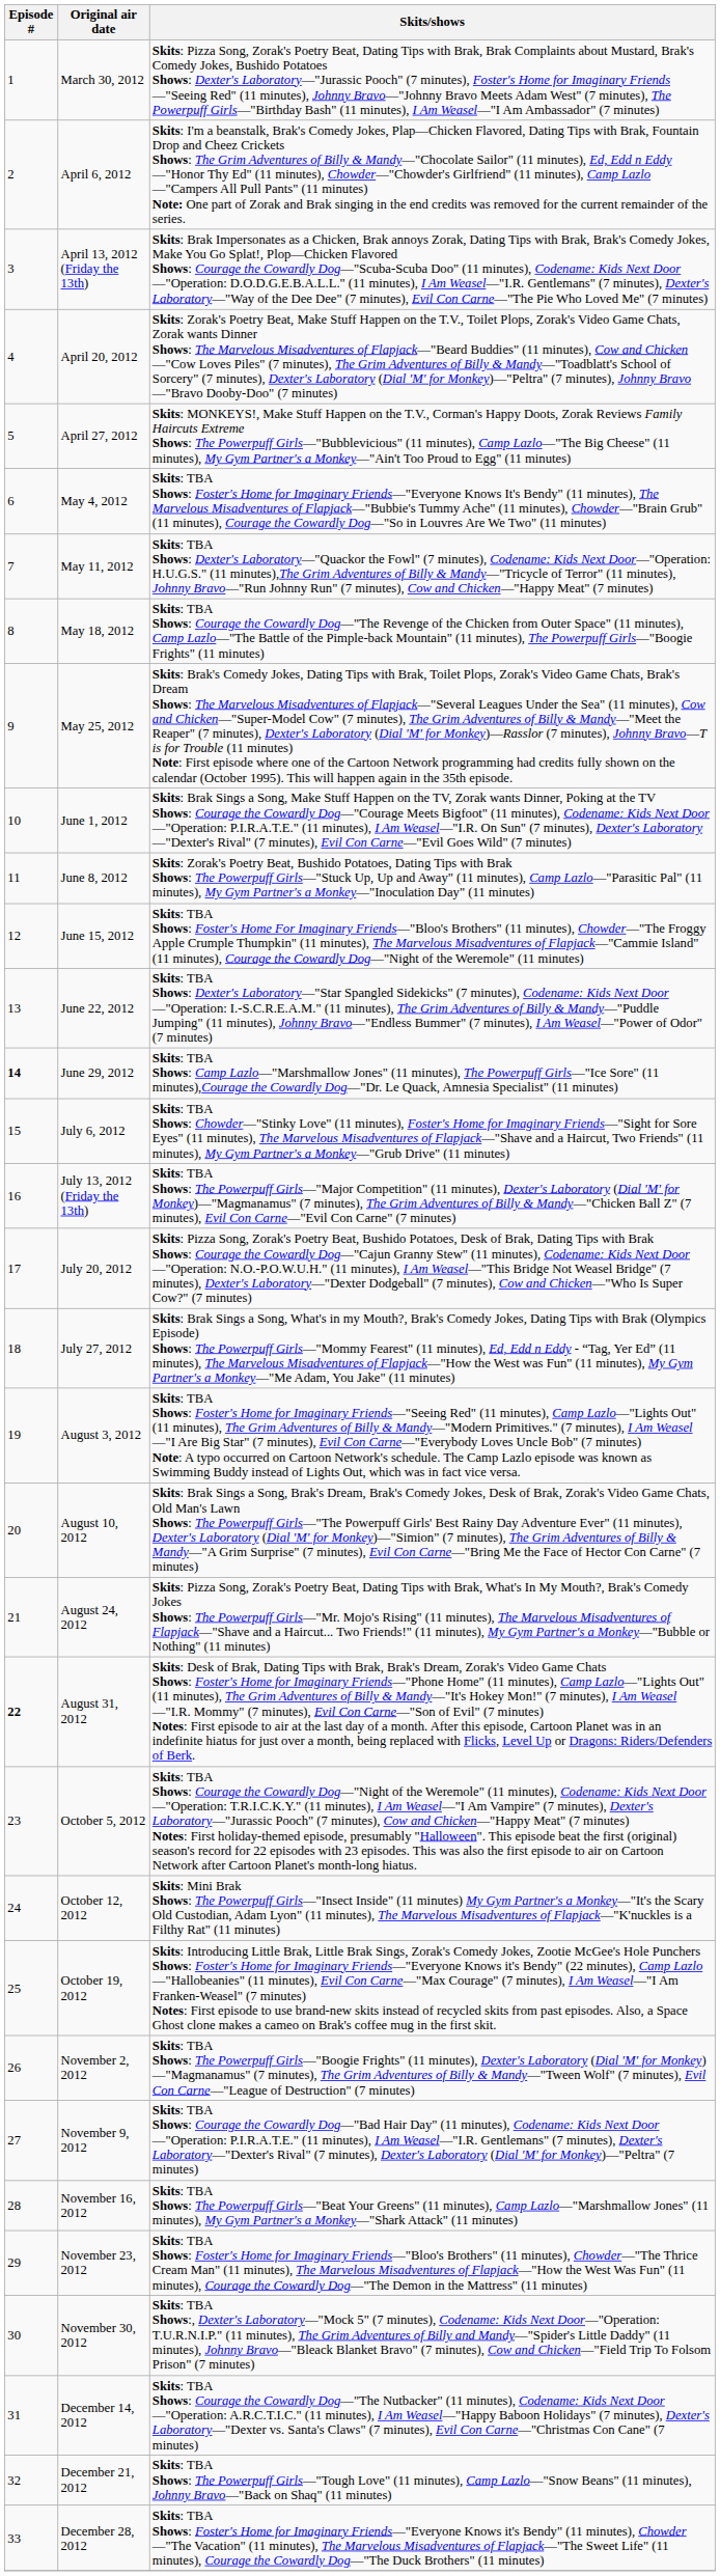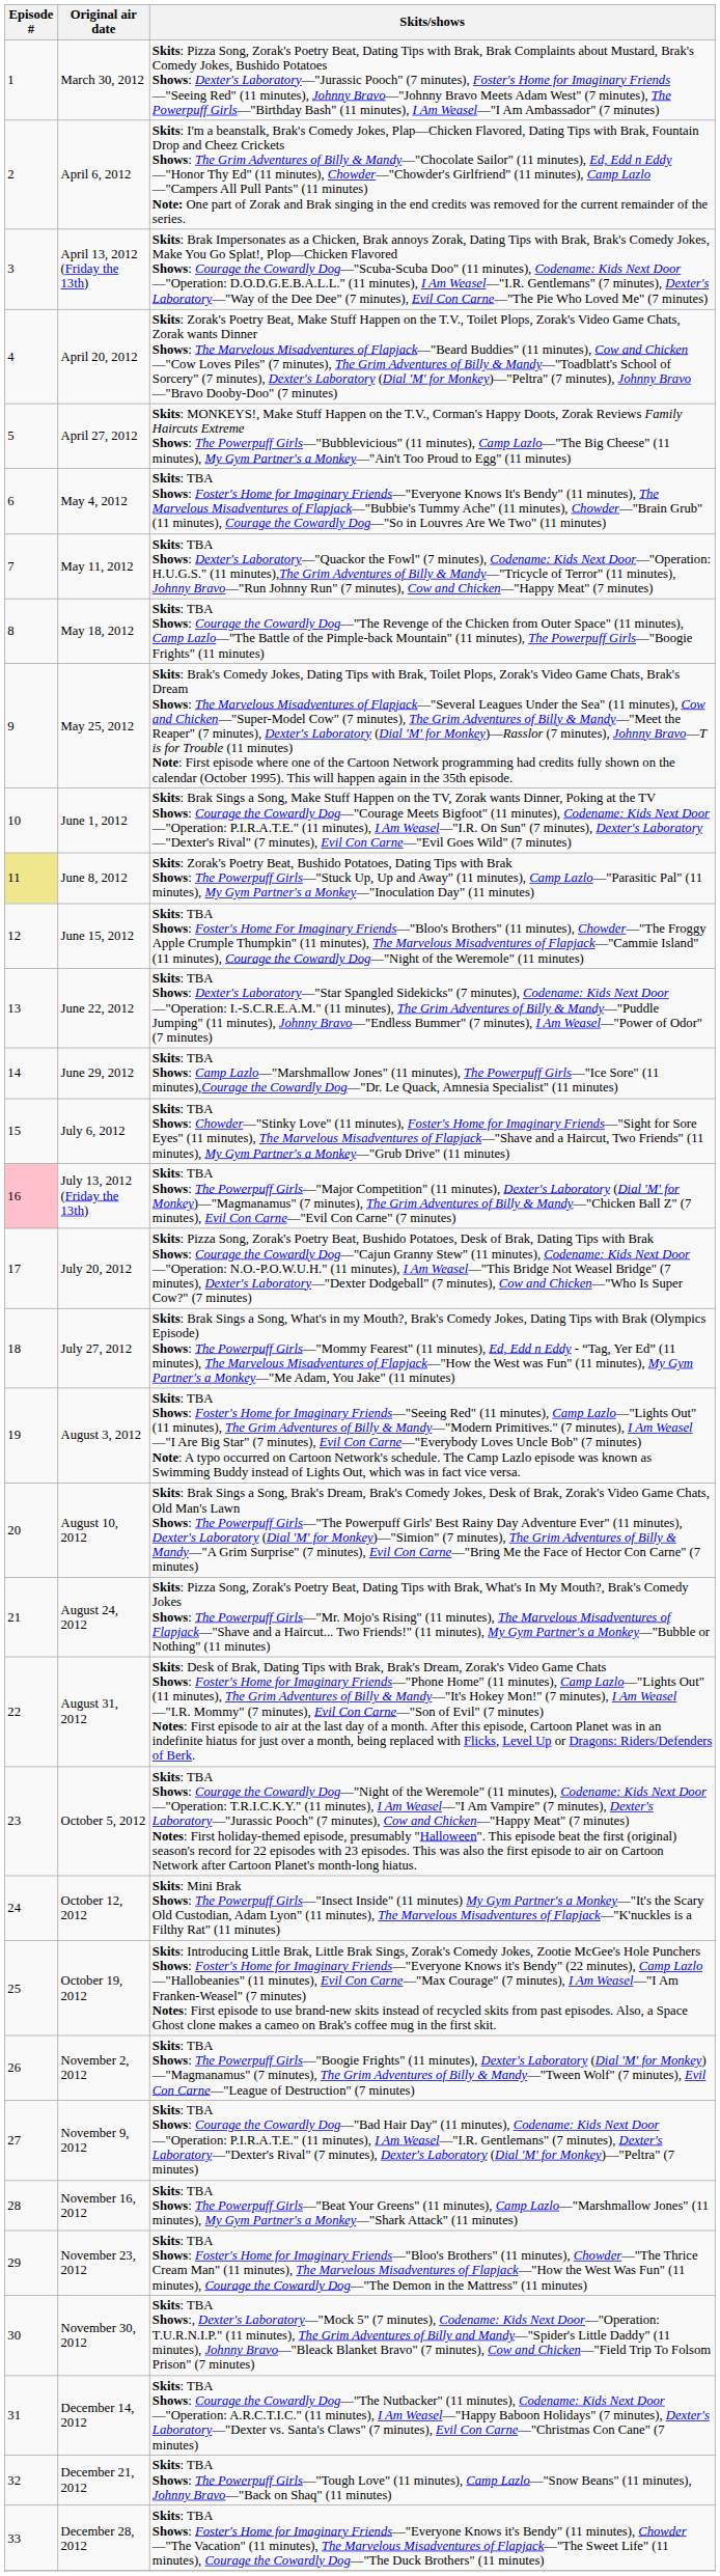 <table class="wikitable">
 <tr>
 <th>Episode #</th>
 <th>Original air date</th>
 <th>Skits/shows</th>
 </tr>
 <tr>
 <td>1</td>
 <td>March 30, 2012</td>
 <td><strong>Skits</strong>: Pizza Song, Zorak's Poetry Beat, Dating Tips with Brak, Brak Complaints about Mustard, Brak's Comedy Jokes, Bushido Potatoes<br><strong>Shows</strong>: <em><a href='#'>Dexter's Laboratory</a></em>—"Jurassic Pooch" (7 minutes), <em><a href='#'>Foster's Home for Imaginary Friends</a></em>—"Seeing Red" (11 minutes), <em><a href='#'>Johnny Bravo</a></em>—"Johnny Bravo Meets Adam West" (7 minutes), <em><a href='#'>The Powerpuff Girls</a></em>—"Birthday Bash" (11 minutes), <em><a href='#'>I Am Weasel</a></em>—"I Am Ambassador" (7 minutes)</td>
 </tr>
 <tr>
 <td>2</td>
 <td>April 6, 2012</td>
 <td><strong>Skits</strong>: I'm a beanstalk, Brak's Comedy Jokes, Plap—Chicken Flavored, Dating Tips with Brak, Fountain Drop and Cheez Crickets<br><strong>Shows</strong>: <em><a href='#'>The Grim Adventures of Billy & Mandy</a></em>—"Chocolate Sailor" (11 minutes), <em><a href='#'>Ed, Edd n Eddy</a></em>—"Honor Thy Ed" (11 minutes), <em><a href='#'>Chowder</a></em>—"Chowder's Girlfriend" (11 minutes), <em><a href='#'>Camp Lazlo</a></em>—"Campers All Pull Pants" (11 minutes)<br><strong>Note:</strong> One part of Zorak and Brak singing in the end credits was removed for the current remainder of the series.</td>
 </tr>
 <tr>
 <td>3</td>
 <td>April 13, 2012 (<a href='#'>Friday the 13th</a>)</td>
 <td><strong>Skits</strong>: Brak Impersonates as a Chicken, Brak annoys Zorak, Dating Tips with Brak, Brak's Comedy Jokes, Make You Go Splat!, Plop—Chicken Flavored<br><strong>Shows</strong>: <em><a href='#'>Courage the Cowardly Dog</a></em>—"Scuba-Scuba Doo" (11 minutes), <em><a href='#'>Codename: Kids Next Door</a></em>—"Operation: D.O.D.G.E.B.A.L.L." (11 minutes), <em><a href='#'>I Am Weasel</a></em>—"I.R. Gentlemans" (7 minutes), <em><a href='#'>Dexter's Laboratory</a></em>—"Way of the Dee Dee" (7 minutes), <em><a href='#'>Evil Con Carne</a></em>—"The Pie Who Loved Me" (7 minutes)</td>
 </tr>
 <tr>
 <td>4</td>
 <td>April 20, 2012</td>
 <td><strong>Skits</strong>: Zorak's Poetry Beat, Make Stuff Happen on the T.V., Toilet Plops, Zorak's Video Game Chats, Zorak wants Dinner<br><strong>Shows</strong>: <em><a href='#'>The Marvelous Misadventures of Flapjack</a></em>—"Beard Buddies" (11 minutes), <em><a href='#'>Cow and Chicken</a></em>—"Cow Loves Piles" (7 minutes), <em><a href='#'>The Grim Adventures of Billy & Mandy</a></em>—"Toadblatt's School of Sorcery" (7 minutes), <em><a href='#'>Dexter's Laboratory</a></em> (<em><a href='#'>Dial 'M' for Monkey</a></em>)—"Peltra" (7 minutes), <em><a href='#'>Johnny Bravo</a></em>—"Bravo Dooby-Doo" (7 minutes)</td>
 </tr>
 <tr>
 <td>5</td>
 <td>April 27, 2012</td>
 <td><strong>Skits</strong>: MONKEYS!, Make Stuff Happen on the T.V., Corman's Happy Doots, Zorak Reviews <em>Family Haircuts Extreme</em><br><strong>Shows</strong>: <em><a href='#'>The Powerpuff Girls</a></em>—"Bubblevicious" (11 minutes), <em><a href='#'>Camp Lazlo</a></em>—"The Big Cheese" (11 minutes),  <em><a href='#'>My Gym Partner's a Monkey</a></em>—"Ain't Too Proud to Egg" (11 minutes)</td>
 </tr>
 <tr>
 <td>6</td>
 <td>May 4, 2012</td>
 <td><strong>Skits</strong>: TBA<br><strong>Shows</strong>: <em><a href='#'>Foster's Home for Imaginary Friends</a></em>—"Everyone Knows It's Bendy" (11 minutes), <em><a href='#'>The Marvelous Misadventures of Flapjack</a></em>—"Bubbie's Tummy Ache" (11 minutes), <em><a href='#'>Chowder</a></em>—"Brain Grub" (11 minutes), <em><a href='#'>Courage the Cowardly Dog</a></em>—"So in Louvres Are We Two" (11 minutes)</td>
 </tr>
 <tr>
 <td>7</td>
 <td>May 11, 2012</td>
 <td><strong>Skits</strong>: TBA<br><strong>Shows</strong>: <em><a href='#'>Dexter's Laboratory</a></em>—"Quackor the Fowl" (7 minutes), <em><a href='#'>Codename: Kids Next Door</a></em>—"Operation: H.U.G.S." (11 minutes),<em><a href='#'>The Grim Adventures of Billy & Mandy</a></em>—"Tricycle of Terror" (11 minutes), <em><a href='#'>Johnny Bravo</a></em>—"Run Johnny Run" (7 minutes), <em><a href='#'>Cow and Chicken</a></em>—"Happy Meat" (7 minutes)</td>
 </tr>
 <tr>
 <td>8</td>
 <td>May 18, 2012</td>
 <td><strong>Skits</strong>: TBA<br><strong>Shows</strong>: <em><a href='#'>Courage the Cowardly Dog</a></em>—"The Revenge of the Chicken from Outer Space" (11 minutes), <em><a href='#'>Camp Lazlo</a></em>—"The Battle of the Pimple-back Mountain" (11 minutes), <em><a href='#'>The Powerpuff Girls</a></em>—"Boogie Frights" (11 minutes)</td>
 </tr>
 <tr>
 <td>9</td>
 <td>May 25, 2012</td>
 <td><strong>Skits</strong>: Brak's Comedy Jokes, Dating Tips with Brak, Toilet Plops, Zorak's Video Game Chats, Brak's Dream<br><strong>Shows</strong>: <em><a href='#'>The Marvelous Misadventures of Flapjack</a></em>—"Several Leagues Under the Sea" (11 minutes), <em><a href='#'>Cow and Chicken</a></em>—"Super-Model Cow" (7 minutes), <em><a href='#'>The Grim Adventures of Billy & Mandy</a></em>—"Meet the Reaper" (7 minutes), <em><a href='#'>Dexter's Laboratory</a></em> (<em><a href='#'>Dial 'M' for Monkey</a></em>)—<em>Rasslor</em> (7 minutes), <em><a href='#'>Johnny Bravo</a></em>—<em>T is for Trouble</em> (11 minutes)<br><strong>Note</strong>: First episode where one of the Cartoon Network programming had credits fully shown on the calendar (October 1995). This will happen again in the 35th episode.</td>
 </tr>
 <tr>
 <td>10</td>
 <td>June 1, 2012</td>
 <td><strong>Skits</strong>: Brak Sings a Song, Make Stuff Happen on the TV, Zorak wants Dinner, Poking at the TV<br><strong>Shows</strong>: <em><a href='#'>Courage the Cowardly Dog</a></em>—"Courage Meets Bigfoot" (11 minutes), <em><a href='#'>Codename: Kids Next Door</a></em>—"Operation:  P.I.R.A.T.E." (11 minutes), <em><a href='#'>I Am Weasel</a></em>—"I.R. On Sun" (7 minutes), <em><a href='#'>Dexter's Laboratory</a></em>—"Dexter's Rival" (7 minutes), <em><a href='#'>Evil Con Carne</a></em>—"Evil Goes Wild" (7 minutes)</td>
 </tr>
 <tr>
-<td>11</td>
+<td style="background: khaki;">11</td>
 <td>June 8, 2012</td>
 <td><strong>Skits</strong>: Zorak's Poetry Beat, Bushido Potatoes, Dating Tips with Brak<br><strong>Shows</strong>: <em><a href='#'>The Powerpuff Girls</a></em>—"Stuck Up, Up and Away" (11 minutes), <em><a href='#'>Camp Lazlo</a></em>—"Parasitic Pal" (11 minutes), <em><a href='#'>My Gym Partner's a Monkey</a></em>—"Inoculation Day" (11 minutes)</td>
 </tr>
 <tr>
 <td>12</td>
 <td>June 15, 2012</td>
 <td><strong>Skits</strong>: TBA<br><strong>Shows</strong>: <em><a href='#'>Foster's Home For Imaginary Friends</a></em>—"Bloo's Brothers" (11 minutes), <em><a href='#'>Chowder</a></em>—"The Froggy Apple Crumple Thumpkin" (11 minutes), <em><a href='#'>The Marvelous Misadventures of Flapjack</a></em>—"Cammie Island" (11 minutes), <em><a href='#'>Courage the Cowardly Dog</a></em>—"Night of the Weremole" (11 minutes)</td>
 </tr>
 <tr>
 <td>13</td>
 <td>June 22, 2012</td>
 <td><strong>Skits</strong>: TBA<br><strong>Shows</strong>: <em><a href='#'>Dexter's Laboratory</a></em>—"Star Spangled Sidekicks" (7 minutes), <em><a href='#'>Codename: Kids Next Door</a></em>—"Operation: I.-S.C.R.E.A.M." (11 minutes), <em><a href='#'>The Grim Adventures of Billy & Mandy</a></em>—"Puddle Jumping" (11 minutes), <em><a href='#'>Johnny Bravo</a></em>—"Endless Bummer" (7 minutes), <em><a href='#'>I Am Weasel</a></em>—"Power of Odor" (7 minutes)</td>
 </tr>
 <tr>
-<td><strong>14</strong></td>
+<td>14</td>
 <td>June 29, 2012</td>
 <td><strong>Skits</strong>: TBA<br><strong>Shows</strong>: <em><a href='#'>Camp Lazlo</a></em>—"Marshmallow Jones" (11 minutes), <em><a href='#'>The Powerpuff Girls</a></em>—"Ice Sore" (11 minutes),<em><a href='#'>Courage the Cowardly Dog</a></em>—"Dr. Le Quack, Amnesia Specialist" (11 minutes)</td>
 </tr>
 <tr>
 <td>15</td>
 <td>July 6, 2012</td>
 <td><strong>Skits</strong>: TBA<br><strong>Shows</strong>: <em><a href='#'>Chowder</a></em>—"Stinky Love" (11 minutes), <em><a href='#'>Foster's Home for Imaginary Friends</a></em>—"Sight for Sore Eyes" (11 minutes), <em><a href='#'>The Marvelous Misadventures of Flapjack</a></em>—"Shave and a Haircut, Two Friends" (11 minutes), <em><a href='#'>My Gym Partner's a Monkey</a></em>—"Grub Drive" (11 minutes)</td>
 </tr>
 <tr>
-<td>16</td>
+<td style="background: pink;">16</td>
 <td>July 13, 2012 (<a href='#'>Friday the 13th</a>)</td>
 <td><strong>Skits</strong>: TBA<br><strong>Shows</strong>: <em><a href='#'>The Powerpuff Girls</a></em>—"Major Competition" (11 minutes), <em><a href='#'>Dexter's Laboratory</a></em> (<em><a href='#'>Dial 'M' for Monkey</a></em>)—"Magmanamus" (7 minutes), <em><a href='#'>The Grim Adventures of Billy & Mandy</a></em>—"Chicken Ball Z" (7 minutes), <em><a href='#'>Evil Con Carne</a></em>—"Evil Con Carne" (7 minutes)</td>
 </tr>
 <tr "">
 <td>17</td>
 <td>July 20, 2012</td>
 <td><strong>Skits</strong>: Pizza Song, Zorak's Poetry Beat, Bushido Potatoes, Desk of Brak, Dating Tips with Brak<br><strong>Shows</strong>: <em><a href='#'>Courage the Cowardly Dog</a></em>—"Cajun Granny Stew" (11 minutes), <em><a href='#'>Codename: Kids Next Door</a></em>—"Operation:  N.O.-P.O.W.U.H." (11 minutes),  <em><a href='#'>I Am Weasel</a></em>—"This Bridge Not Weasel Bridge" (7 minutes), <em><a href='#'>Dexter's Laboratory</a></em>—"Dexter Dodgeball" (7 minutes), <em><a href='#'>Cow and Chicken</a></em>—"Who Is Super Cow?" (7 minutes)</td>
 </tr>
 <tr>
 <td>18</td>
 <td>July 27, 2012</td>
 <td><strong>Skits</strong>: Brak Sings a Song, What's in my Mouth?, Brak's Comedy Jokes, Dating Tips with Brak (Olympics Episode)<br><strong>Shows</strong>: <em><a href='#'>The Powerpuff Girls</a></em>—"Mommy Fearest" (11 minutes), <em><a href='#'>Ed, Edd n Eddy</a></em> - “Tag, Yer Ed” (11 minutes), <em><a href='#'>The Marvelous Misadventures of Flapjack</a></em>—"How the West was Fun" (11 minutes),  <em><a href='#'>My Gym Partner's a Monkey</a></em>—"Me Adam, You Jake" (11 minutes)</td>
 </tr>
 <tr>
 <td>19</td>
 <td>August 3, 2012</td>
 <td><strong>Skits</strong>: TBA<br><strong>Shows</strong>: <em><a href='#'>Foster's Home for Imaginary Friends</a></em>—"Seeing Red" (11 minutes), <em><a href='#'>Camp Lazlo</a></em>—"Lights Out" (11 minutes), <em><a href='#'>The Grim Adventures of Billy & Mandy</a></em>—"Modern Primitives." (7 minutes), <em><a href='#'>I Am Weasel</a></em>—"I Are Big Star" (7 minutes), <em><a href='#'>Evil Con Carne</a></em>—"Everybody Loves Uncle Bob" (7 minutes)<br><strong>Note</strong>: A typo occurred on Cartoon Network's schedule. The Camp Lazlo episode was known as Swimming Buddy instead of Lights Out, which was in fact vice versa.</td>
 </tr>
 <tr>
 <td>20</td>
 <td>August 10, 2012</td>
 <td><strong>Skits</strong>: Brak Sings a Song, Brak's Dream, Brak's Comedy Jokes, Desk of Brak, Zorak's Video Game Chats, Old Man's Lawn<br><strong>Shows</strong>: <em><a href='#'>The Powerpuff Girls</a></em>—"The Powerpuff Girls' Best Rainy Day Adventure Ever" (11 minutes), <em><a href='#'>Dexter's Laboratory</a></em> (<em><a href='#'>Dial 'M' for Monkey</a></em>)—"Simion" (7 minutes),  <em><a href='#'>The Grim Adventures of Billy & Mandy</a></em>—"A Grim Surprise" (7 minutes), <em><a href='#'>Evil Con Carne</a></em>—"Bring Me the Face of Hector Con Carne" (7 minutes)</td>
 </tr>
 <tr>
 <td>21</td>
 <td>August 24, 2012</td>
 <td><strong>Skits</strong>: Pizza Song, Zorak's Poetry Beat, Dating Tips with Brak, What's In My Mouth?, Brak's Comedy Jokes<br><strong>Shows</strong>: <em><a href='#'>The Powerpuff Girls</a></em>—"Mr. Mojo's Rising" (11 minutes),  <em><a href='#'>The Marvelous Misadventures of Flapjack</a></em>—"Shave and a Haircut... Two Friends!" (11 minutes), <em><a href='#'>My Gym Partner's a Monkey</a></em>—"Bubble or Nothing" (11 minutes)</td>
 </tr>
 <tr>
-<td><strong>22</strong></td>
+<td>22</td>
 <td>August 31, 2012</td>
 <td><strong>Skits</strong>: Desk of Brak, Dating Tips with Brak, Brak's Dream, Zorak's Video Game Chats<br><strong>Shows</strong>: <em><a href='#'>Foster's Home for Imaginary Friends</a></em>—"Phone Home" (11 minutes), <em><a href='#'>Camp Lazlo</a></em>—"Lights Out" (11 minutes), <em><a href='#'>The Grim Adventures of Billy & Mandy</a></em>—"It's Hokey Mon!" (7 minutes), <em><a href='#'>I Am Weasel</a></em>—"I.R. Mommy" (7 minutes), <em><a href='#'>Evil Con Carne</a></em>—"Son of Evil" (7 minutes)<br><strong>Notes</strong>: First episode to air at the last day of a month. After this episode, Cartoon Planet was in an indefinite hiatus for just over a month, being replaced with <a href='#'>Flicks</a>, <a href='#'>Level Up</a> or <a href='#'>Dragons: Riders/Defenders of Berk</a>.</td>
 </tr>
 <tr>
 <td>23</td>
 <td>October 5, 2012</td>
 <td><strong>Skits</strong>: TBA<br><strong>Shows</strong>: <em><a href='#'>Courage the Cowardly Dog</a></em>—"Night of the Weremole" (11 minutes), <em><a href='#'>Codename: Kids Next Door</a></em>—"Operation: T.R.I.C.K.Y." (11 minutes), <em><a href='#'>I Am Weasel</a></em>—"I Am Vampire" (7 minutes), <em><a href='#'>Dexter's Laboratory</a></em>—"Jurassic Pooch" (7 minutes),  <em><a href='#'>Cow and Chicken</a></em>—"Happy Meat" (7 minutes)<br><strong>Notes</strong>: First holiday-themed episode, presumably "<a href='#'>Halloween</a>". This episode beat the first (original) season's record for 22 episodes with 23 episodes. This was also the first episode to air on Cartoon Network after Cartoon Planet's month-long hiatus.</td>
 </tr>
 <tr>
 <td>24</td>
 <td>October 12, 2012</td>
 <td><strong>Skits</strong>: Mini Brak<br><strong>Shows</strong>: <em><a href='#'>The Powerpuff Girls</a></em>—"Insect Inside" (11 minutes) <em><a href='#'>My Gym Partner's a Monkey</a></em>—"It's the Scary Old Custodian, Adam Lyon" (11 minutes), <em><a href='#'>The Marvelous Misadventures of Flapjack</a></em>—"K'nuckles is a Filthy Rat" (11 minutes)</td>
 </tr>
 <tr>
 <td>25</td>
 <td>October 19, 2012</td>
 <td><strong>Skits</strong>: Introducing Little Brak, Little Brak Sings, Zorak's Comedy Jokes, Zootie McGee's Hole Punchers<br><strong>Shows</strong>: <em><a href='#'>Foster's Home for Imaginary Friends</a></em>—"Everyone Knows it's Bendy" (22 minutes), <em><a href='#'>Camp Lazlo</a></em>—"Hallobeanies" (11 minutes), <em><a href='#'>Evil Con Carne</a></em>—"Max Courage" (7 minutes), <em><a href='#'>I Am Weasel</a></em>—"I Am Franken-Weasel" (7 minutes)<br><strong>Notes</strong>: First episode to use brand-new skits instead of recycled skits from past episodes. Also, a Space Ghost clone makes a cameo on Brak's coffee mug in the first skit.</td>
 </tr>
 <tr>
 <td>26</td>
 <td>November 2, 2012</td>
 <td><strong>Skits</strong>: TBA<br><strong>Shows</strong>: <em><a href='#'>The Powerpuff Girls</a></em>—"Boogie Frights" (11 minutes), <em><a href='#'>Dexter's Laboratory</a></em> (<em><a href='#'>Dial 'M' for Monkey</a></em>)—"Magmanamus" (7 minutes), <em><a href='#'>The Grim Adventures of Billy & Mandy</a></em>—"Tween Wolf" (7 minutes), <em><a href='#'>Evil Con Carne</a></em>—"League of Destruction" (7 minutes)</td>
 </tr>
 <tr>
 <td>27</td>
 <td>November 9, 2012</td>
 <td><strong>Skits</strong>: TBA<br><strong>Shows</strong>: <em><a href='#'>Courage the Cowardly Dog</a></em>—"Bad Hair Day" (11 minutes), <em><a href='#'>Codename: Kids Next Door</a></em>—"Operation: P.I.R.A.T.E." (11 minutes), <em><a href='#'>I Am Weasel</a></em>—"I.R. Gentlemans" (7 minutes), <em><a href='#'>Dexter's Laboratory</a></em>—"Dexter's Rival" (7 minutes), <em><a href='#'>Dexter's Laboratory</a></em> (<em><a href='#'>Dial 'M' for Monkey</a></em>)—"Peltra" (7 minutes)</td>
 </tr>
 <tr>
 <td>28</td>
 <td>November 16, 2012</td>
 <td><strong>Skits</strong>: TBA<br><strong>Shows</strong>: <em><a href='#'>The Powerpuff Girls</a></em>—"Beat Your Greens" (11 minutes), <em><a href='#'>Camp Lazlo</a></em>—"Marshmallow Jones" (11 minutes),  <em><a href='#'>My Gym Partner's a Monkey</a></em>—"Shark Attack" (11 minutes)</td>
 </tr>
 <tr>
 <td>29</td>
 <td>November 23, 2012</td>
 <td><strong>Skits</strong>: TBA<br><strong>Shows</strong>: <em><a href='#'>Foster's Home for Imaginary Friends</a></em>—"Bloo's Brothers" (11 minutes), <em><a href='#'>Chowder</a></em>—"The Thrice Cream Man" (11 minutes), <em><a href='#'>The Marvelous Misadventures of Flapjack</a></em>—"How the West Was Fun" (11 minutes), <em><a href='#'>Courage the Cowardly Dog</a></em>—"The Demon in the Mattress" (11 minutes)</td>
 </tr>
 <tr>
 <td>30</td>
 <td>November 30, 2012</td>
 <td><strong>Skits</strong>: TBA<br><strong>Shows</strong>:, <em><a href='#'>Dexter's Laboratory</a></em>—"Mock 5" (7 minutes), <em><a href='#'>Codename: Kids Next Door</a></em>—"Operation: T.U.R.N.I.P." (11 minutes), <em><a href='#'>The Grim Adventures of Billy and Mandy</a></em>—"Spider's Little Daddy" (11 minutes), <em><a href='#'>Johnny Bravo</a></em>—"Bleack Blanket Bravo" (7 minutes), <em><a href='#'>Cow and Chicken</a></em>—"Field Trip To Folsom Prison" (7 minutes)</td>
 </tr>
 <tr>
 <td>31</td>
 <td>December 14, 2012</td>
 <td><strong>Skits</strong>: TBA<br><strong>Shows</strong>: <em><a href='#'>Courage the Cowardly Dog</a></em>—"The Nutbacker" (11 minutes), <em><a href='#'>Codename: Kids Next Door</a></em>—"Operation: A.R.C.T.I.C." (11 minutes), <em><a href='#'>I Am Weasel</a></em>—"Happy Baboon Holidays" (7 minutes), <em><a href='#'>Dexter's Laboratory</a></em>—"Dexter vs. Santa's Claws" (7 minutes), <em><a href='#'>Evil Con Carne</a></em>—"Christmas Con Cane" (7 minutes)</td>
 </tr>
 <tr>
 <td>32</td>
 <td>December 21, 2012</td>
 <td><strong>Skits</strong>: TBA<br><strong>Shows</strong>: <em><a href='#'>The Powerpuff Girls</a></em>—"Tough Love" (11 minutes), <em><a href='#'>Camp Lazlo</a></em>—"Snow Beans" (11 minutes),  <em><a href='#'>Johnny Bravo</a></em>—"Back on Shaq" (11 minutes)</td>
 </tr>
 <tr>
 <td>33</td>
 <td>December 28, 2012</td>
 <td><strong>Skits</strong>: TBA<br><strong>Shows</strong>: <em><a href='#'>Foster's Home for Imaginary Friends</a></em>—"Everyone Knows it's Bendy" (11 minutes), <em><a href='#'>Chowder</a></em>—"The Vacation" (11 minutes), <em><a href='#'>The Marvelous Misadventures of Flapjack</a></em>—"The Sweet Life" (11 minutes), <em><a href='#'>Courage the Cowardly Dog</a></em>—"The Duck Brothers" (11 minutes)</td>
 </tr>
 <tr>
 </tr>
 </table>
